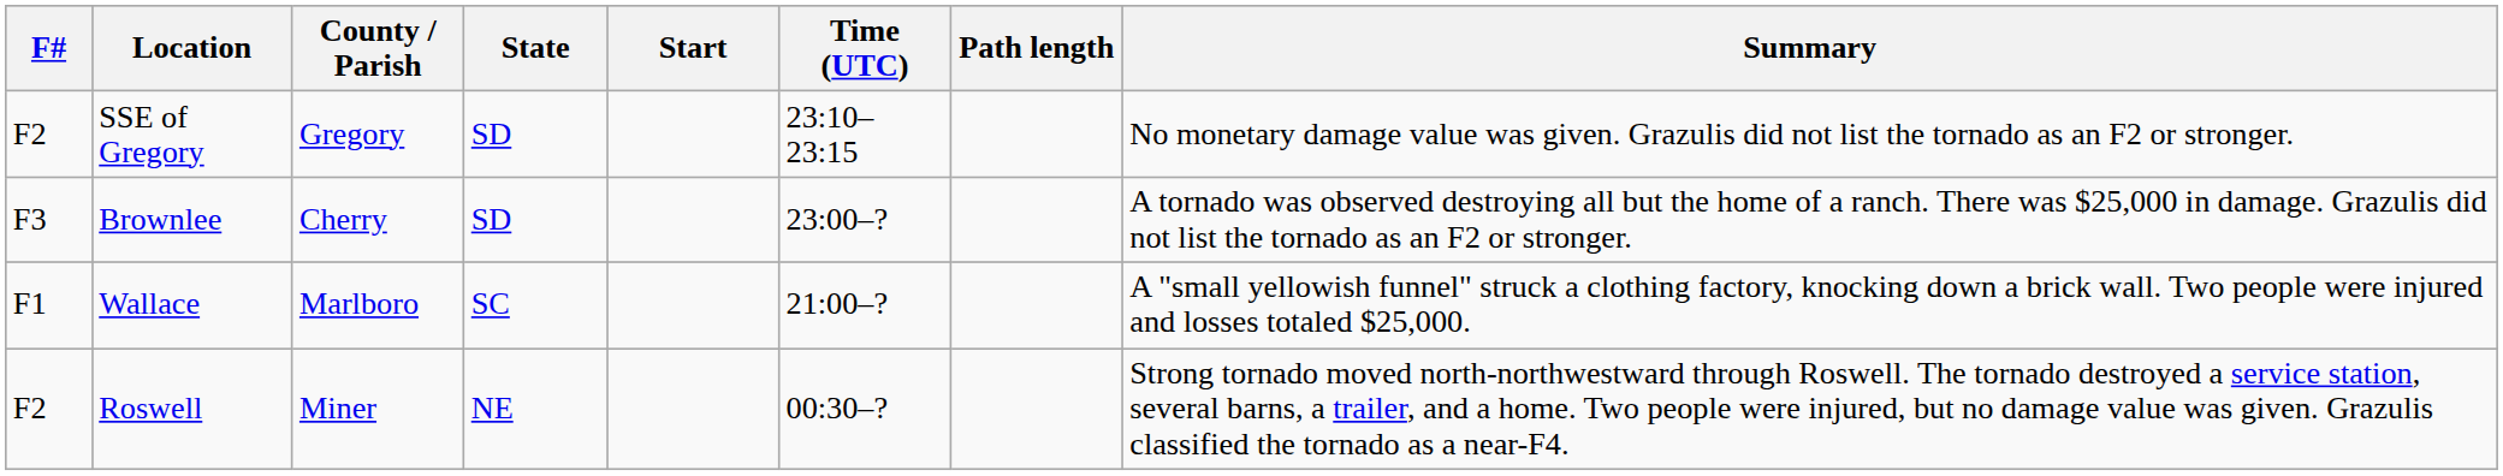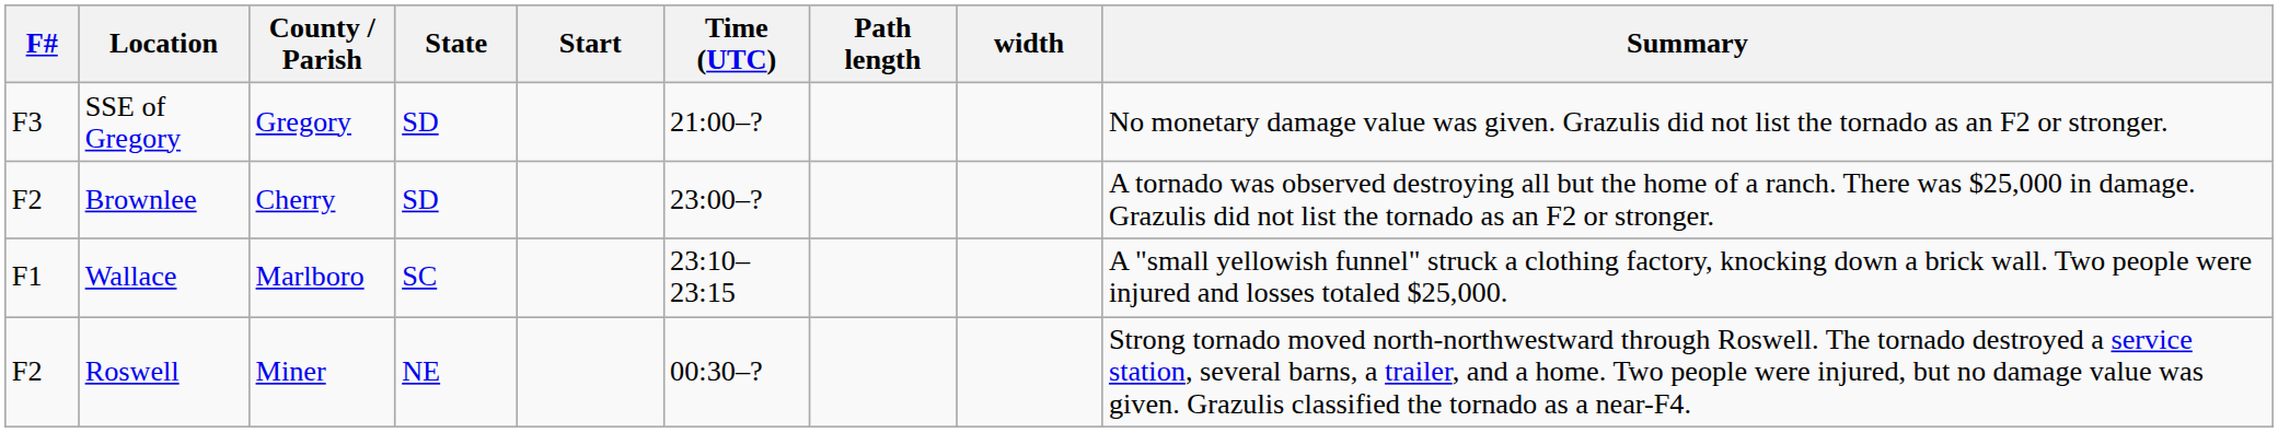 <table class="wikitable sortable" style="width:100%;">
 <tr>
 <th scope="col"  style="width:3%; text-align:center;"><a href='#'>F#</a></th>
 <th scope="col"  style="width:7%; text-align:center;" class="unsortable">Location</th>
 <th scope="col"  style="width:6%; text-align:center;" class="unsortable">County / Parish</th>
 <th scope="col"  style="width:5%; text-align:center;">State</th>
 <th scope="col"  style="width:6%; text-align:center;">Start<br></th>
 <th scope="col"  style="width:6%; text-align:center;">Time (<a href='#'>UTC</a>)</th>
 <th scope="col"  style="width:6%; text-align:center;">Path length</th>
+<th scope="col"  style="width:6%; text-align:center;"> width</th>
 <th scope="col" class="unsortable" style="width:48%; text-align:center;">Summary</th>
 </tr>
 <tr>
-<td>F2</td>
+<td>F3</td>
 <td>SSE of <a href='#'>Gregory</a></td>
 <td><a href='#'>Gregory</a></td>
 <td><a href='#'>SD</a></td>
 <td></td>
-<td>23:10–23:15</td>
+<td>21:00–?</td>
+<td></td>
 <td></td>
 <td>No monetary damage value was given. Grazulis did not list the tornado as an F2 or stronger.</td>
 </tr>
 <tr>
-<td>F3</td>
+<td>F2</td>
 <td><a href='#'>Brownlee</a></td>
 <td><a href='#'>Cherry</a></td>
 <td><a href='#'>SD</a></td>
 <td></td>
 <td>23:00–?</td>
+<td></td>
 <td></td>
 <td>A tornado was observed destroying all but the home of a ranch. There was $25,000 in damage. Grazulis did not list the tornado as an F2 or stronger.</td>
 </tr>
 <tr>
 <td>F1</td>
 <td><a href='#'>Wallace</a></td>
 <td><a href='#'>Marlboro</a></td>
 <td><a href='#'>SC</a></td>
 <td></td>
-<td>21:00–?</td>
+<td>23:10–23:15</td>
+<td></td>
 <td></td>
 <td>A "small yellowish funnel" struck a clothing factory, knocking down a brick wall. Two people were injured and losses totaled $25,000.</td>
 </tr>
 <tr>
 <td>F2</td>
 <td><a href='#'>Roswell</a></td>
 <td><a href='#'>Miner</a></td>
 <td><a href='#'>NE</a></td>
 <td></td>
 <td>00:30–?</td>
 <td></td>
+<td></td>
 <td>Strong tornado moved north-northwestward through Roswell. The tornado destroyed a <a href='#'>service station</a>, several barns, a <a href='#'>trailer</a>, and a home. Two people were injured, but no damage value was given. Grazulis classified the tornado as a near-F4.</td>
 </tr>
 </table>
